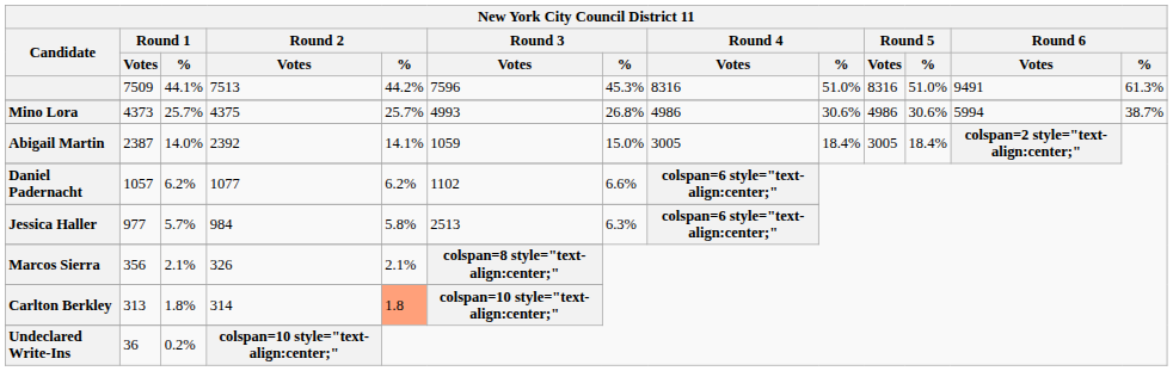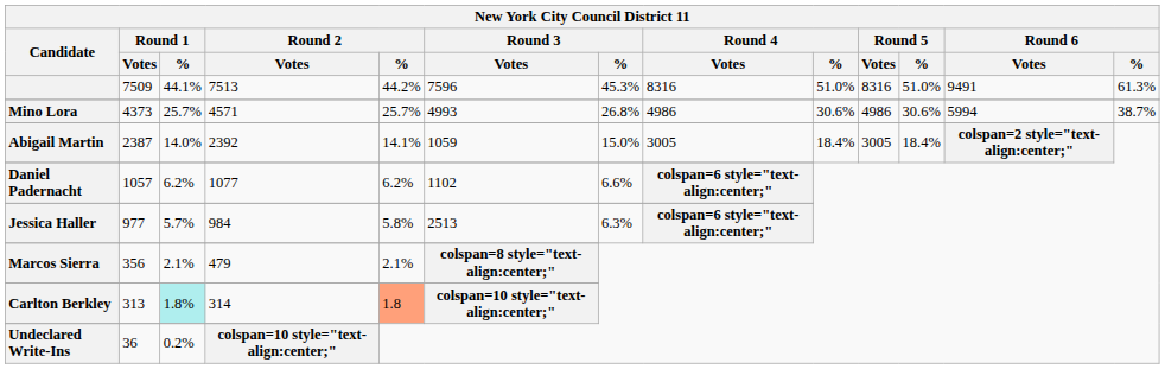 <table class="wikitable sortable mw-collapsible">
 <tr>
 <th colspan=" 13 ">New York City Council District 11</th>
 </tr>
 <tr style="background:#eee; text-align:center;">
 <th rowspan="2" style="text-align:center;">Candidate</th>
 <th colspan="2" style="text-align:center;">Round 1</th>
 <th colspan="2" style="text-align:center;">Round 2</th>
 <th colspan="2" style="text-align:center;">Round 3</th>
 <th colspan="2" style="text-align:center;">Round 4</th>
 <th colspan="2" style="text-align:center;">Round 5</th>
 <th colspan="2" style="text-align:center;">Round 6</th>
 </tr>
 <tr>
 <th>Votes</th>
 <th>%</th>
 <th>Votes</th>
 <th>%</th>
 <th>Votes</th>
 <th>%</th>
 <th>Votes</th>
 <th>%</th>
 <th>Votes</th>
 <th>%</th>
 <th>Votes</th>
 <th>%</th>
 </tr>
 <tr>
 <th scope="row" style="text-align:left;"></th>
 <td>7509</td>
 <td>44.1%</td>
 <td>7513</td>
 <td>44.2%</td>
 <td>7596</td>
 <td>45.3%</td>
 <td>8316</td>
 <td>51.0%</td>
 <td>8316</td>
 <td>51.0%</td>
 <td> 9491</td>
 <td> 61.3%</td>
 </tr>
 <tr>
 </tr>
 <tr>
 <th scope="row" style="text-align:left;">Mino Lora</th>
 <td>4373</td>
 <td>25.7%</td>
-<td>4375</td>
+<td>4571</td>
 <td>25.7%</td>
 <td>4993</td>
 <td>26.8%</td>
 <td>4986</td>
 <td>30.6%</td>
 <td>4986</td>
 <td>30.6%</td>
 <td>5994</td>
 <td>38.7%</td>
 </tr>
 <tr>
 </tr>
 <tr>
 <th scope="row" style="text-align:left;">Abigail Martin</th>
 <td>2387</td>
 <td>14.0%</td>
 <td>2392</td>
 <td>14.1%</td>
 <td>1059</td>
 <td>15.0%</td>
 <td>3005</td>
 <td>18.4%</td>
 <td>3005</td>
 <td>18.4%</td>
 <th>colspan=2 style="text-align:center;" </th>
 </tr>
 <tr>
 </tr>
 <tr>
 <th scope="row" style="text-align:left;">Daniel Padernacht</th>
 <td>1057</td>
 <td>6.2%</td>
 <td>1077</td>
 <td>6.2%</td>
 <td>1102</td>
 <td>6.6%</td>
 <th>colspan=6 style="text-align:center;" </th>
 </tr>
 <tr>
 </tr>
 <tr>
 <th scope="row" style="text-align:left;">Jessica Haller</th>
 <td>977</td>
 <td>5.7%</td>
 <td>984</td>
 <td>5.8%</td>
 <td>2513</td>
 <td>6.3%</td>
 <th>colspan=6 style="text-align:center;" </th>
 </tr>
 <tr>
 </tr>
 <tr>
 <th scope="row" style="text-align:left;">Marcos Sierra</th>
 <td>356</td>
 <td>2.1%</td>
-<td>326</td>
+<td>479</td>
 <td>2.1%</td>
 <th>colspan=8 style="text-align:center;" </th>
 </tr>
 <tr>
 </tr>
 <tr>
 <th scope="row" style="text-align:left;">Carlton Berkley</th>
 <td>313</td>
-<td>1.8%</td>
+<td style="background: paleturquoise;">1.8%</td>
 <td>314</td>
 <td style="background: lightsalmon;">1.8</td>
 <th>colspan=10 style="text-align:center;" </th>
 </tr>
 <tr>
 </tr>
 <tr>
 <th scope="row" style="text-align:left;">Undeclared Write-Ins</th>
 <td>36</td>
 <td>0.2%</td>
 <th>colspan=10 style="text-align:center;" </th>
 </tr>
 </table>
